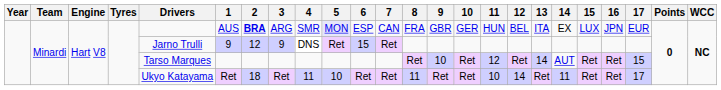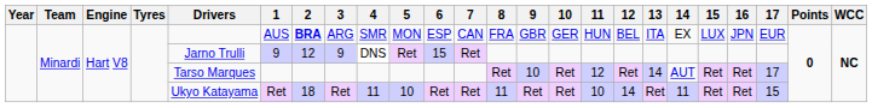 <table class="wikitable" style="text-align:center; font-size:95%">
 <tr>
 <th>Year</th>
 <th>Team</th>
 <th>Engine</th>
 <th>Tyres</th>
 <th>Drivers</th>
 <th>1</th>
 <th>2</th>
 <th>3</th>
 <th>4</th>
 <th>5</th>
 <th>6</th>
 <th>7</th>
 <th>8</th>
 <th>9</th>
 <th>10</th>
 <th>11</th>
 <th>12</th>
 <th>13</th>
 <th>14</th>
 <th>15</th>
 <th>16</th>
 <th>17</th>
 <th>Points</th>
 <th>WCC</th>
 </tr>
 <tr>
 <td rowspan="4"></td>
 <td rowspan="4"><a href='#'>Minardi</a></td>
 <td rowspan="4"><a href='#'>Hart</a> <a href='#'>V8</a></td>
 <td rowspan="4"></td>
 <td></td>
 <td><a href='#'>AUS</a></td>
 <td><strong><a href='#'>BRA</a></strong></td>
 <td><a href='#'>ARG</a></td>
 <td><a href='#'>SMR</a></td>
-<td style="background: lavender;"><a href='#'>MON</a></td>
+<td><a href='#'>MON</a></td>
 <td><a href='#'>ESP</a></td>
 <td><a href='#'>CAN</a></td>
 <td><a href='#'>FRA</a></td>
 <td><a href='#'>GBR</a></td>
 <td><a href='#'>GER</a></td>
 <td><a href='#'>HUN</a></td>
 <td><a href='#'>BEL</a></td>
 <td><a href='#'>ITA</a></td>
 <td align="center">EX</td>
 <td><a href='#'>LUX</a></td>
 <td><a href='#'>JPN</a></td>
 <td><a href='#'>EUR</a></td>
 <td rowspan="4"><strong>0</strong></td>
 <td rowspan="4"><strong>NC</strong></td>
 </tr>
 <tr>
 <td><a href='#'>Jarno Trulli</a></td>
 <td style="background:#CFCFFF;" align="center">9</td>
 <td style="background:#CFCFFF;" align="center">12</td>
 <td style="background:#CFCFFF;" align="center">9</td>
 <td style="background:#ffffff;" align="center">DNS</td>
 <td style="background:#EFCFFF;" align="center">Ret</td>
 <td style="background:#CFCFFF;" align="center">15</td>
 <td style="background:#EFCFFF;" align="center">Ret</td>
 <td></td>
 <td></td>
 <td></td>
 <td></td>
 <td></td>
 <td></td>
 <td></td>
 <td></td>
 <td></td>
 <td></td>
 </tr>
 <tr>
 <td><a href='#'>Tarso Marques</a></td>
 <td></td>
 <td></td>
 <td></td>
 <td></td>
 <td></td>
 <td></td>
 <td></td>
 <td style="background:#EFCFFF;" align="center">Ret</td>
 <td style="background:#CFCFFF;" align="center">10</td>
 <td style="background:#EFCFFF;" align="center">Ret</td>
 <td style="background:#CFCFFF;" align="center">12</td>
 <td style="background:#EFCFFF;" align="center">Ret</td>
 <td style="background:#CFCFFF;" align="center">14</td>
 <td><a href='#'>AUT</a></td>
 <td style="background:#EFCFFF;" align="center">Ret</td>
 <td style="background:#EFCFFF;" align="center">Ret</td>
-<td style="background:#CFCFFF;" align="center">15</td>
+<td style="background:#CFCFFF;" align="center">17</td>
 </tr>
 <tr>
 <td><a href='#'>Ukyo Katayama</a></td>
 <td style="background:#EFCFFF;" align="center">Ret</td>
 <td style="background:#CFCFFF;" align="center">18</td>
 <td style="background:#EFCFFF;" align="center">Ret</td>
 <td style="background:#CFCFFF;" align="center">11</td>
 <td style="background:#CFCFFF;" align="center">10</td>
 <td style="background:#EFCFFF;" align="center">Ret</td>
 <td style="background:#EFCFFF;" align="center">Ret</td>
 <td style="background:#CFCFFF;" align="center">11</td>
 <td style="background:#EFCFFF;" align="center">Ret</td>
 <td style="background:#EFCFFF;" align="center">Ret</td>
 <td style="background:#CFCFFF;" align="center">10</td>
 <td style="background:#CFCFFF;" align="center">14</td>
 <td style="background:#EFCFFF;" align="center">Ret</td>
 <td style="background:#CFCFFF;" align="center">11</td>
 <td style="background:#EFCFFF;" align="center">Ret</td>
 <td style="background:#EFCFFF;" align="center">Ret</td>
-<td style="background:#CFCFFF;" align="center">17</td>
+<td style="background:#CFCFFF;" align="center">15</td>
 </tr>
 </table>
